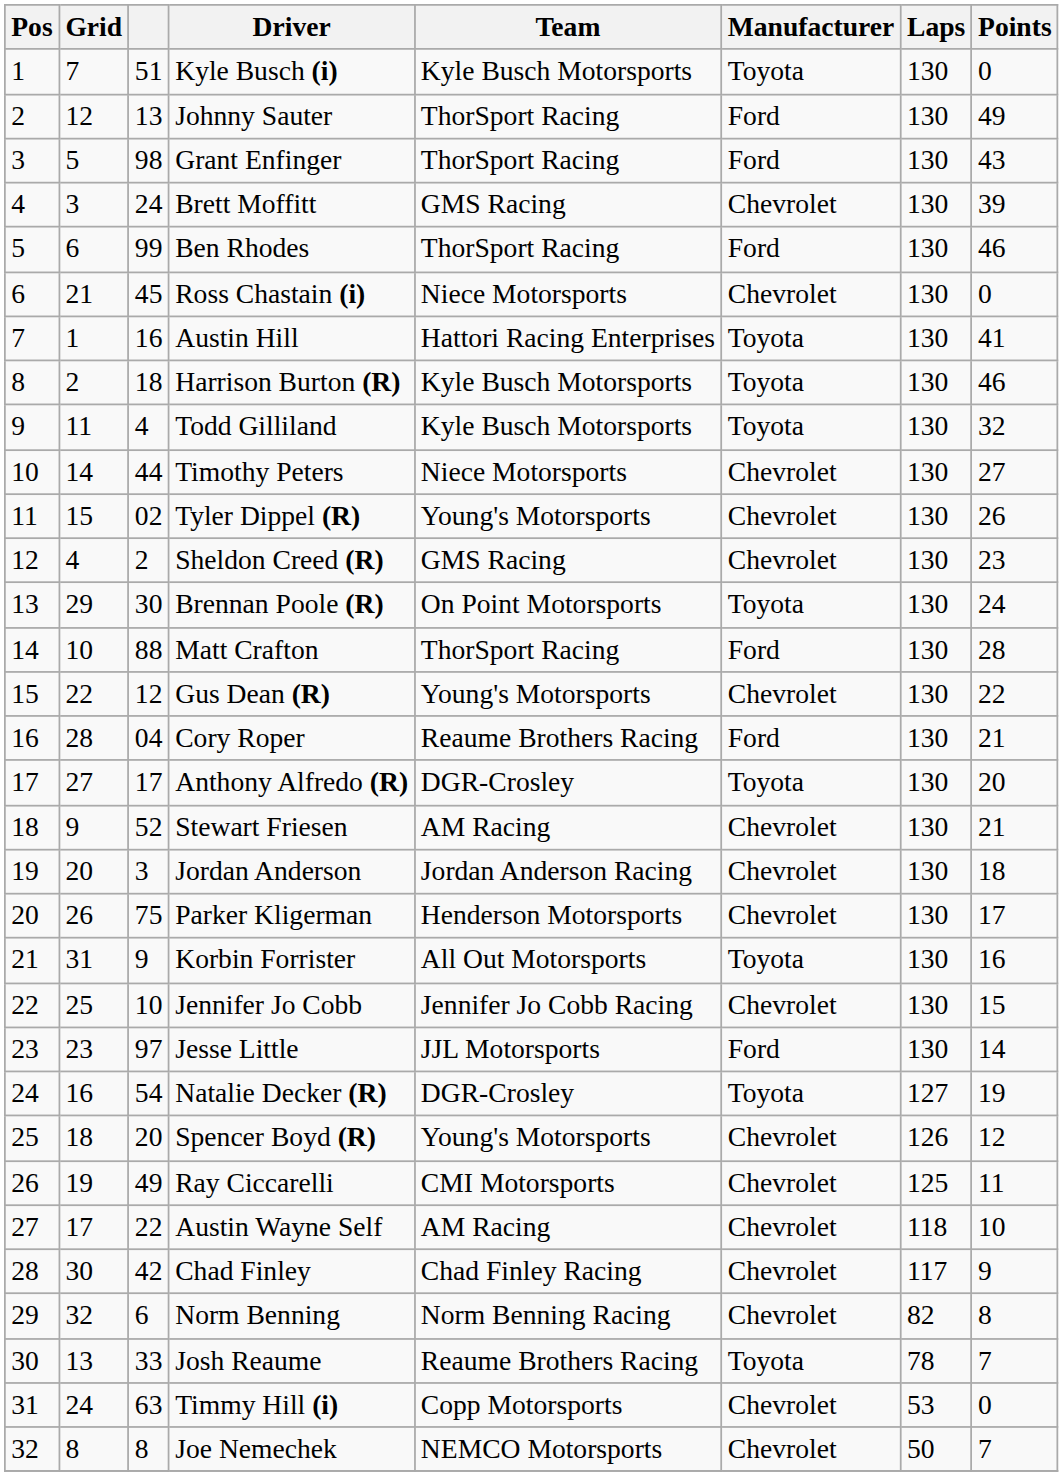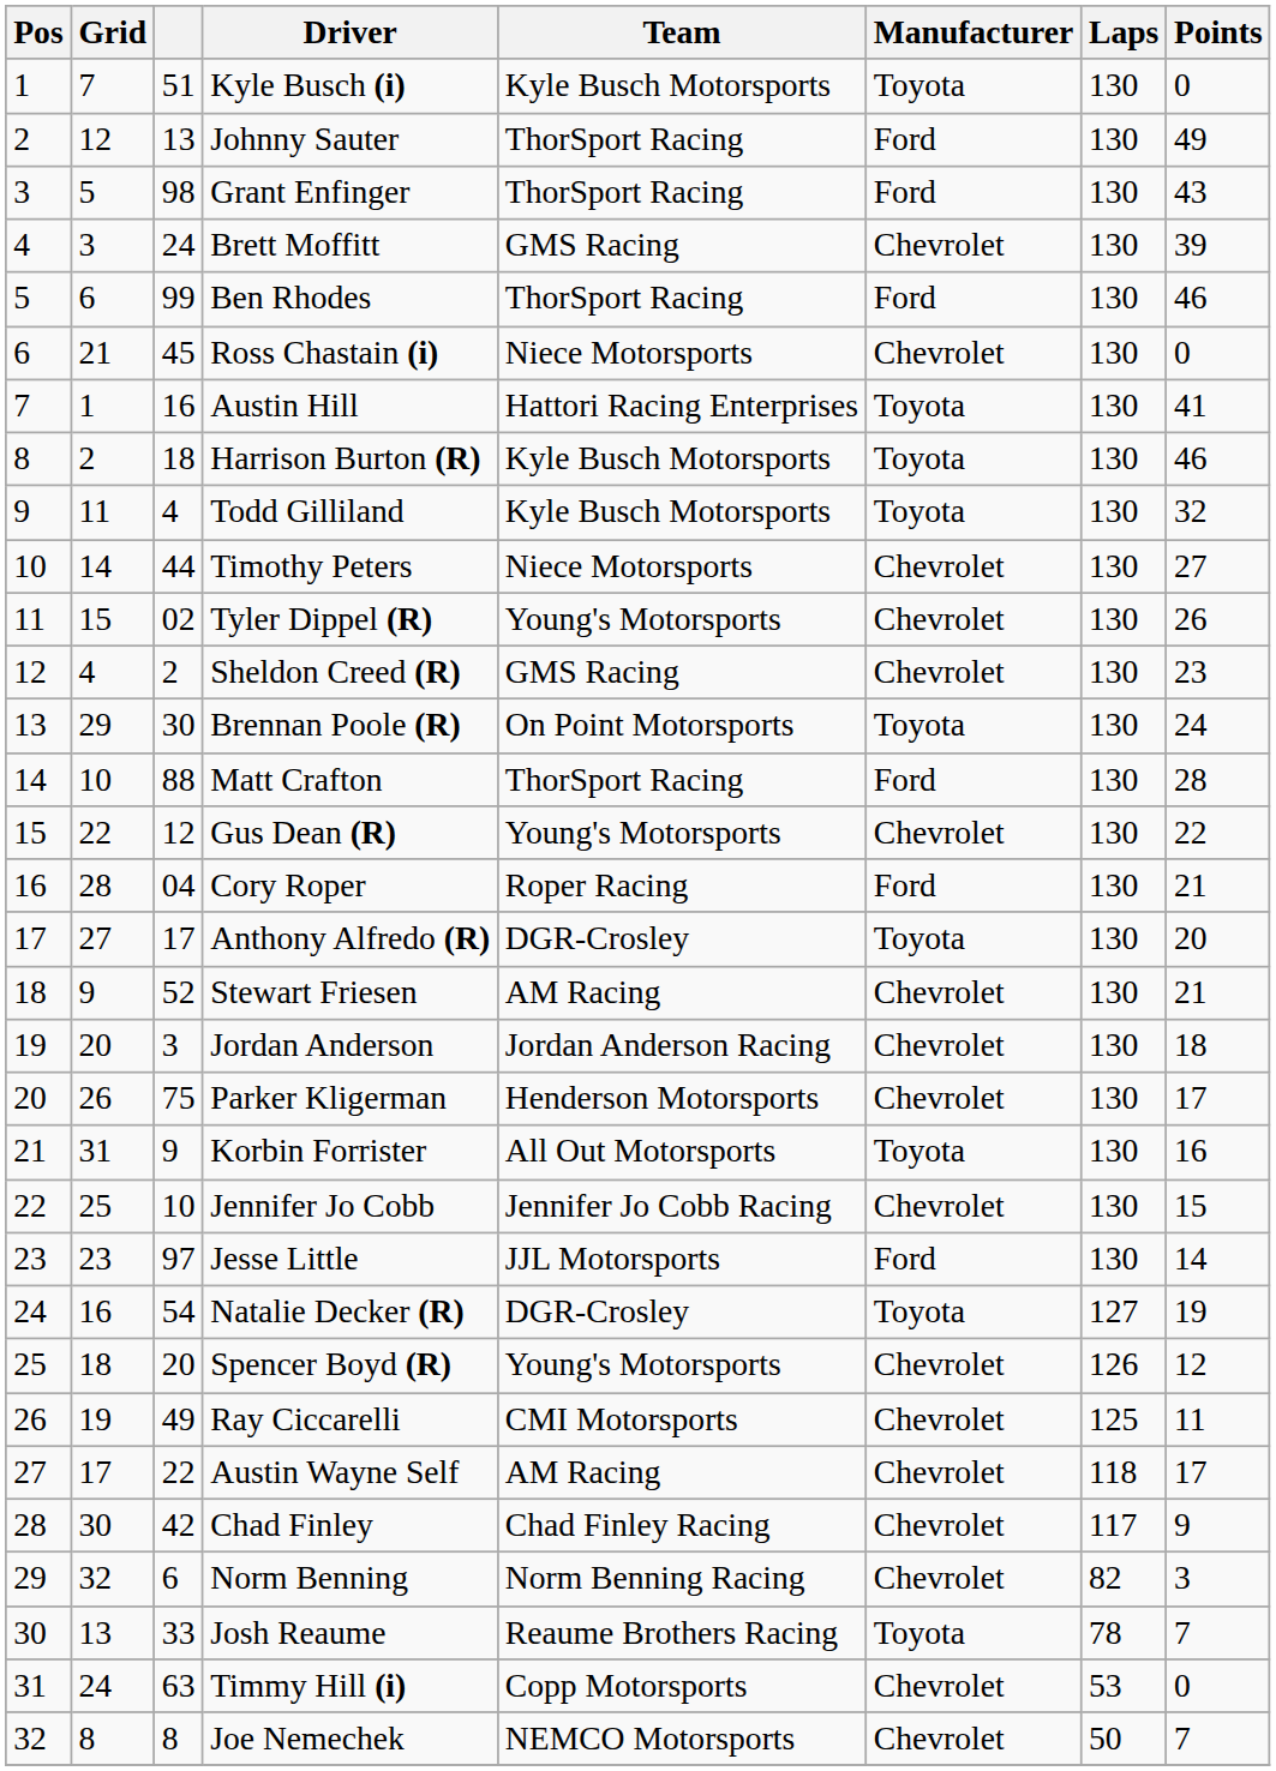 <table class="wikitable" style="font-size:98%">
 <tr>
 <th>Pos</th>
 <th>Grid</th>
 <th></th>
 <th>Driver</th>
 <th>Team</th>
 <th>Manufacturer</th>
 <th>Laps</th>
 <th>Points</th>
 </tr>
 <tr>
 <td>1</td>
 <td>7</td>
 <td>51</td>
 <td>Kyle Busch <strong>(i)</strong></td>
 <td>Kyle Busch Motorsports</td>
 <td>Toyota</td>
 <td>130</td>
 <td>0</td>
 </tr>
 <tr>
 <td>2</td>
 <td>12</td>
 <td>13</td>
 <td>Johnny Sauter</td>
 <td>ThorSport Racing</td>
 <td>Ford</td>
 <td>130</td>
 <td>49</td>
 </tr>
 <tr>
 <td>3</td>
 <td>5</td>
 <td>98</td>
 <td>Grant Enfinger</td>
 <td>ThorSport Racing</td>
 <td>Ford</td>
 <td>130</td>
 <td>43</td>
 </tr>
 <tr>
 <td>4</td>
 <td>3</td>
 <td>24</td>
 <td>Brett Moffitt</td>
 <td>GMS Racing</td>
 <td>Chevrolet</td>
 <td>130</td>
 <td>39</td>
 </tr>
 <tr>
 <td>5</td>
 <td>6</td>
 <td>99</td>
 <td>Ben Rhodes</td>
 <td>ThorSport Racing</td>
 <td>Ford</td>
 <td>130</td>
 <td>46</td>
 </tr>
 <tr>
 <td>6</td>
 <td>21</td>
 <td>45</td>
 <td>Ross Chastain <strong>(i)</strong></td>
 <td>Niece Motorsports</td>
 <td>Chevrolet</td>
 <td>130</td>
 <td>0</td>
 </tr>
 <tr>
 <td>7</td>
 <td>1</td>
 <td>16</td>
 <td>Austin Hill</td>
 <td>Hattori Racing Enterprises</td>
 <td>Toyota</td>
 <td>130</td>
 <td>41</td>
 </tr>
 <tr>
 <td>8</td>
 <td>2</td>
 <td>18</td>
 <td>Harrison Burton <strong>(R)</strong></td>
 <td>Kyle Busch Motorsports</td>
 <td>Toyota</td>
 <td>130</td>
 <td>46</td>
 </tr>
 <tr>
 <td>9</td>
 <td>11</td>
 <td>4</td>
 <td>Todd Gilliland</td>
 <td>Kyle Busch Motorsports</td>
 <td>Toyota</td>
 <td>130</td>
 <td>32</td>
 </tr>
 <tr>
 <td>10</td>
 <td>14</td>
 <td>44</td>
 <td>Timothy Peters</td>
 <td>Niece Motorsports</td>
 <td>Chevrolet</td>
 <td>130</td>
 <td>27</td>
 </tr>
 <tr>
 <td>11</td>
 <td>15</td>
 <td>02</td>
 <td>Tyler Dippel <strong>(R)</strong></td>
 <td>Young's Motorsports</td>
 <td>Chevrolet</td>
 <td>130</td>
 <td>26</td>
 </tr>
 <tr>
 <td>12</td>
 <td>4</td>
 <td>2</td>
 <td>Sheldon Creed <strong>(R)</strong></td>
 <td>GMS Racing</td>
 <td>Chevrolet</td>
 <td>130</td>
 <td>23</td>
 </tr>
 <tr>
 <td>13</td>
 <td>29</td>
 <td>30</td>
 <td>Brennan Poole <strong>(R)</strong></td>
 <td>On Point Motorsports</td>
 <td>Toyota</td>
 <td>130</td>
 <td>24</td>
 </tr>
 <tr>
 <td>14</td>
 <td>10</td>
 <td>88</td>
 <td>Matt Crafton</td>
 <td>ThorSport Racing</td>
 <td>Ford</td>
 <td>130</td>
 <td>28</td>
 </tr>
 <tr>
 <td>15</td>
 <td>22</td>
 <td>12</td>
 <td>Gus Dean <strong>(R)</strong></td>
 <td>Young's Motorsports</td>
 <td>Chevrolet</td>
 <td>130</td>
 <td>22</td>
 </tr>
 <tr>
 <td>16</td>
 <td>28</td>
 <td>04</td>
 <td>Cory Roper</td>
-<td>Reaume Brothers Racing</td>
+<td>Roper Racing</td>
 <td>Ford</td>
 <td>130</td>
 <td>21</td>
 </tr>
 <tr>
 <td>17</td>
 <td>27</td>
 <td>17</td>
 <td>Anthony Alfredo <strong>(R)</strong></td>
 <td>DGR-Crosley</td>
 <td>Toyota</td>
 <td>130</td>
 <td>20</td>
 </tr>
 <tr>
 <td>18</td>
 <td>9</td>
 <td>52</td>
 <td>Stewart Friesen</td>
 <td>AM Racing</td>
 <td>Chevrolet</td>
 <td>130</td>
 <td>21</td>
 </tr>
 <tr>
 <td>19</td>
 <td>20</td>
 <td>3</td>
 <td>Jordan Anderson</td>
 <td>Jordan Anderson Racing</td>
 <td>Chevrolet</td>
 <td>130</td>
 <td>18</td>
 </tr>
 <tr>
 <td>20</td>
 <td>26</td>
 <td>75</td>
 <td>Parker Kligerman</td>
 <td>Henderson Motorsports</td>
 <td>Chevrolet</td>
 <td>130</td>
 <td>17</td>
 </tr>
 <tr>
 <td>21</td>
 <td>31</td>
 <td>9</td>
 <td>Korbin Forrister</td>
 <td>All Out Motorsports</td>
 <td>Toyota</td>
 <td>130</td>
 <td>16</td>
 </tr>
 <tr>
 <td>22</td>
 <td>25</td>
 <td>10</td>
 <td>Jennifer Jo Cobb</td>
 <td>Jennifer Jo Cobb Racing</td>
 <td>Chevrolet</td>
 <td>130</td>
 <td>15</td>
 </tr>
 <tr>
 <td>23</td>
 <td>23</td>
 <td>97</td>
 <td>Jesse Little</td>
 <td>JJL Motorsports</td>
 <td>Ford</td>
 <td>130</td>
 <td>14</td>
 </tr>
 <tr>
 <td>24</td>
 <td>16</td>
 <td>54</td>
 <td>Natalie Decker <strong>(R)</strong></td>
 <td>DGR-Crosley</td>
 <td>Toyota</td>
 <td>127</td>
 <td>19</td>
 </tr>
 <tr>
 <td>25</td>
 <td>18</td>
 <td>20</td>
 <td>Spencer Boyd <strong>(R)</strong></td>
 <td>Young's Motorsports</td>
 <td>Chevrolet</td>
 <td>126</td>
 <td>12</td>
 </tr>
 <tr>
 <td>26</td>
 <td>19</td>
 <td>49</td>
 <td>Ray Ciccarelli</td>
 <td>CMI Motorsports</td>
 <td>Chevrolet</td>
 <td>125</td>
 <td>11</td>
 </tr>
 <tr>
 <td>27</td>
 <td>17</td>
 <td>22</td>
 <td>Austin Wayne Self</td>
 <td>AM Racing</td>
 <td>Chevrolet</td>
 <td>118</td>
-<td>10</td>
+<td>17</td>
 </tr>
 <tr>
 <td>28</td>
 <td>30</td>
 <td>42</td>
 <td>Chad Finley</td>
 <td>Chad Finley Racing</td>
 <td>Chevrolet</td>
 <td>117</td>
 <td>9</td>
 </tr>
 <tr>
 <td>29</td>
 <td>32</td>
 <td>6</td>
 <td>Norm Benning</td>
 <td>Norm Benning Racing</td>
 <td>Chevrolet</td>
 <td>82</td>
-<td>8</td>
+<td>3</td>
 </tr>
 <tr>
 <td>30</td>
 <td>13</td>
 <td>33</td>
 <td>Josh Reaume</td>
 <td>Reaume Brothers Racing</td>
 <td>Toyota</td>
 <td>78</td>
 <td>7</td>
 </tr>
 <tr>
 <td>31</td>
 <td>24</td>
 <td>63</td>
 <td>Timmy Hill <strong>(i)</strong></td>
 <td>Copp Motorsports</td>
 <td>Chevrolet</td>
 <td>53</td>
 <td>0</td>
 </tr>
 <tr>
 <td>32</td>
 <td>8</td>
 <td>8</td>
 <td>Joe Nemechek</td>
 <td>NEMCO Motorsports</td>
 <td>Chevrolet</td>
 <td>50</td>
 <td>7</td>
 </tr>
 <tr>
 </tr>
 </table>
